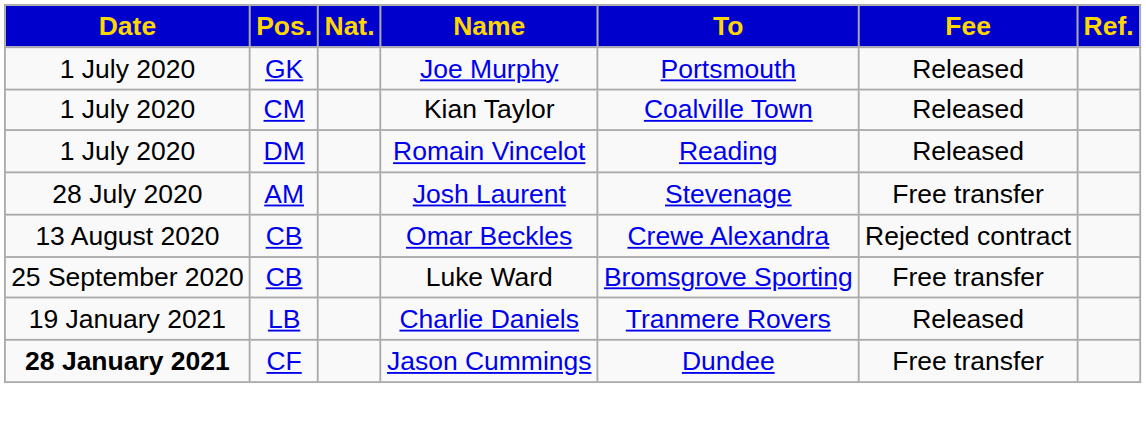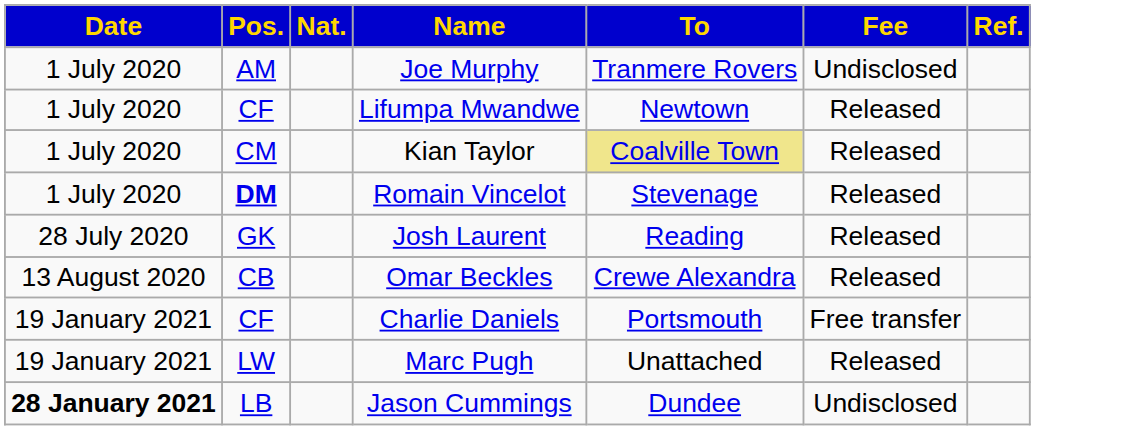 <table class="wikitable"  style="text-align:center; font-size:90%; ">
 <tr>
 <th style="background:mediumblue;color:gold;">Date</th>
 <th style="background:mediumblue;color:gold;">Pos.</th>
 <th style="background:mediumblue;color:gold;">Nat.</th>
 <th style="background:mediumblue;color:gold;">Name</th>
 <th style="background:mediumblue;color:gold;">To</th>
 <th style="background:mediumblue;color:gold;">Fee</th>
 <th style="background:mediumblue;color:gold;">Ref.</th>
 </tr>
 <tr>
 <td>1 July 2020</td>
-<td><a href='#'>GK</a></td>
+<td><a href='#'>AM</a></td>
 <td></td>
 <td><a href='#'>Joe Murphy</a></td>
-<td> <a href='#'>Portsmouth</a></td>
+<td> <a href='#'>Tranmere Rovers</a></td>
+<td>Undisclosed</td>
+<td></td>
+</tr>
+<tr>
+<td>1 July 2020</td>
+<td><a href='#'>CF</a></td>
+<td></td>
+<td><a href='#'>Lifumpa Mwandwe</a></td>
+<td> <a href='#'>Newtown</a></td>
 <td>Released</td>
 <td></td>
 </tr>
 <tr>
 <td>1 July 2020</td>
 <td><a href='#'>CM</a></td>
 <td></td>
 <td>Kian Taylor</td>
-<td> <a href='#'>Coalville Town</a></td>
+<td style="background: khaki;"> <a href='#'>Coalville Town</a></td>
 <td>Released</td>
 <td></td>
 </tr>
 <tr>
 <td>1 July 2020</td>
-<td><a href='#'>DM</a></td>
+<td><strong><a href='#'>DM</a></strong></td>
 <td></td>
 <td><a href='#'>Romain Vincelot</a></td>
-<td> <a href='#'>Reading</a></td>
+<td> <a href='#'>Stevenage</a></td>
 <td>Released</td>
 <td></td>
 </tr>
 <tr>
 <td>28 July 2020</td>
-<td><a href='#'>AM</a></td>
+<td><a href='#'>GK</a></td>
 <td></td>
 <td><a href='#'>Josh Laurent</a></td>
-<td> <a href='#'>Stevenage</a></td>
-<td>Free transfer</td>
+<td> <a href='#'>Reading</a></td>
+<td>Released</td>
 <td></td>
 </tr>
 <tr>
 <td>13 August 2020</td>
 <td><a href='#'>CB</a></td>
 <td></td>
 <td><a href='#'>Omar Beckles</a></td>
 <td> <a href='#'>Crewe Alexandra</a></td>
-<td>Rejected contract</td>
+<td>Released</td>
 <td></td>
 </tr>
 <tr>
-<td>25 September 2020</td>
-<td><a href='#'>CB</a></td>
+<td>19 January 2021</td>
+<td><a href='#'>CF</a></td>
 <td></td>
-<td>Luke Ward</td>
-<td> <a href='#'>Bromsgrove Sporting</a></td>
+<td><a href='#'>Charlie Daniels</a></td>
+<td> <a href='#'>Portsmouth</a></td>
 <td>Free transfer</td>
 <td></td>
 </tr>
 <tr>
 <td>19 January 2021</td>
-<td><a href='#'>LB</a></td>
+<td><a href='#'>LW</a></td>
 <td></td>
-<td><a href='#'>Charlie Daniels</a></td>
-<td> <a href='#'>Tranmere Rovers</a></td>
+<td><a href='#'>Marc Pugh</a></td>
+<td> Unattached</td>
 <td>Released</td>
 <td></td>
 </tr>
 <tr>
 <td><strong>28 January 2021</strong></td>
-<td><a href='#'>CF</a></td>
+<td><a href='#'>LB</a></td>
 <td></td>
 <td><a href='#'>Jason Cummings</a></td>
 <td> <a href='#'>Dundee</a></td>
-<td>Free transfer</td>
+<td>Undisclosed</td>
 <td></td>
 </tr>
 </table>
